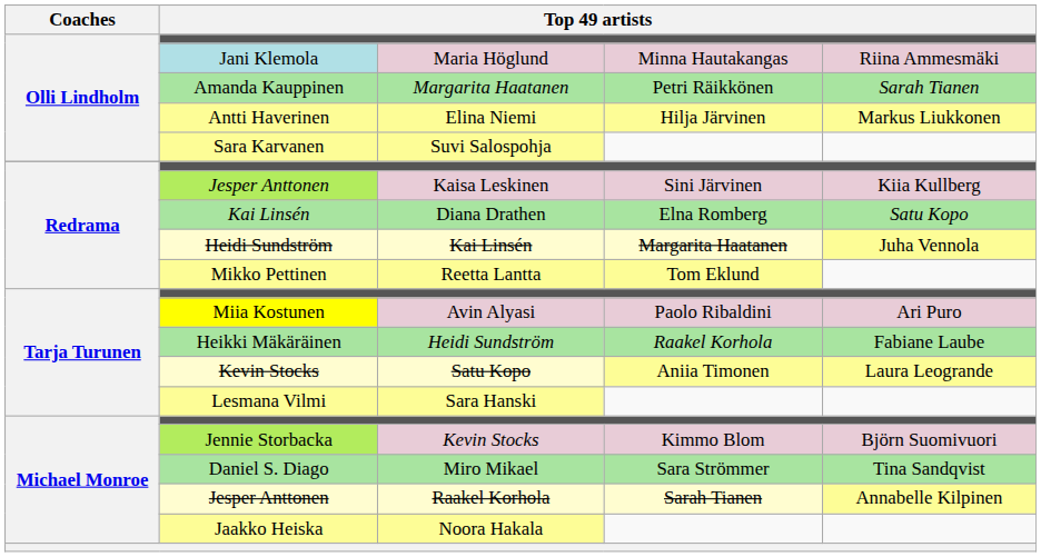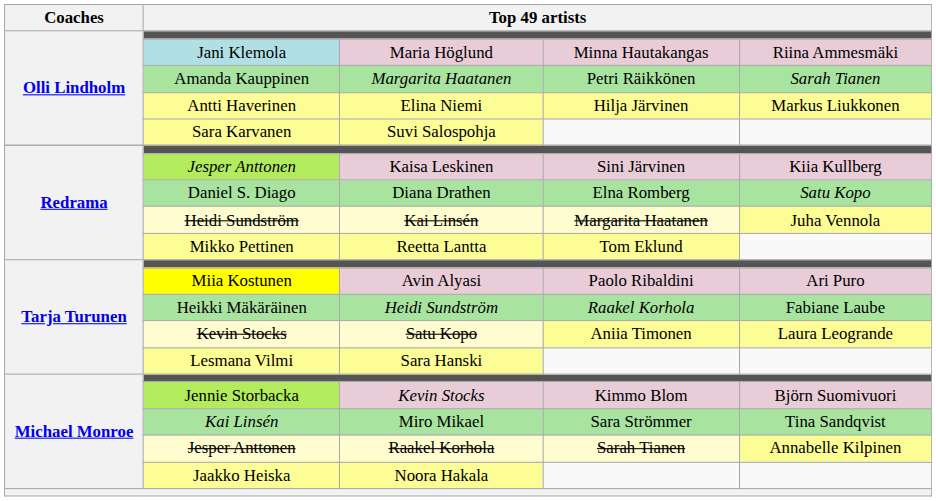 <table class="wikitable" style="text-align:center; width:100%;">
 <tr>
 <th scope="col" style="width:15%;">Coaches</th>
 <th colspan="5" scope="col" style="width:85%;">Top 49 artists</th>
 </tr>
 <tr>
 <th rowspan="5"><a href='#'>Olli Lindholm</a></th>
 <td colspan="4" style="background:#555;"></td>
 </tr>
 <tr>
 <td style="background:#B0E0E6;">Jani Klemola</td>
 <td style="background:#E8CCD7;">Maria Höglund</td>
 <td style="background:#E8CCD7;">Minna Hautakangas</td>
 <td style="background:#E8CCD7;">Riina Ammesmäki</td>
 </tr>
 <tr>
 <td style="background:#A8E4A0;">Amanda Kauppinen</td>
 <td style="background:#A8E4A0;"><em>Margarita Haatanen</em></td>
 <td style="background:#A8E4A0;">Petri Räikkönen</td>
 <td style="background:#A8E4A0;"><em>Sarah Tianen</em></td>
 </tr>
 <tr>
 <td style="background:#FDFD96;">Antti Haverinen</td>
 <td style="background:#FDFD96;">Elina Niemi</td>
 <td style="background:#FDFD96;">Hilja Järvinen</td>
 <td style="background:#FDFD96;">Markus Liukkonen</td>
 </tr>
 <tr>
 <td style="background:#FDFD96;">Sara Karvanen</td>
 <td style="background:#FDFD96;">Suvi Salospohja</td>
 <td></td>
 <td></td>
 </tr>
 <tr>
 </tr>
 <tr>
 <th rowspan="5"><a href='#'>Redrama</a></th>
 <td colspan="4" style="background:#555;"></td>
 </tr>
 <tr>
 <td style="background:#B2EC5D;"><em>Jesper Anttonen</em></td>
 <td style="background:#E8CCD7;">Kaisa Leskinen</td>
 <td style="background:#E8CCD7;">Sini Järvinen</td>
 <td style="background:#E8CCD7;">Kiia Kullberg</td>
 </tr>
 <tr>
-<td style="background:#A8E4A0;"><em>Kai Linsén</em></td>
+<td style="background:#A8E4A0;">Daniel S. Diago</td>
 <td style="background:#A8E4A0;">Diana Drathen</td>
 <td style="background:#A8E4A0;">Elna Romberg</td>
 <td style="background:#A8E4A0;"><em>Satu Kopo</em></td>
 </tr>
 <tr>
 <td style="background:#FFFDD0;"><s>Heidi Sundström</s></td>
 <td style="background:#FFFDD0;"><s>Kai Linsén</s></td>
 <td style="background:#FFFDD0;"><s>Margarita Haatanen</s></td>
 <td style="background:#FDFD96;">Juha Vennola</td>
 </tr>
 <tr>
 <td style="background:#FDFD96;">Mikko Pettinen</td>
 <td style="background:#FDFD96;">Reetta Lantta</td>
 <td style="background:#FDFD96;">Tom Eklund</td>
 </tr>
 <tr>
 <th rowspan="5"><a href='#'>Tarja Turunen</a></th>
 <td colspan="4" style="background:#555;"></td>
 </tr>
 <tr>
 <td style="background:yellow;">Miia Kostunen</td>
 <td style="background:#E8CCD7;">Avin Alyasi</td>
 <td style="background:#E8CCD7;">Paolo Ribaldini</td>
 <td style="background:#E8CCD7;">Ari Puro</td>
 </tr>
 <tr>
 <td style="background:#A8E4A0;">Heikki Mäkäräinen</td>
 <td style="background:#A8E4A0;"><em>Heidi Sundström</em></td>
 <td style="background:#A8E4A0;"><em>Raakel Korhola</em></td>
 <td style="background:#A8E4A0;">Fabiane Laube</td>
 </tr>
 <tr>
 <td style="background:#FFFDD0;"><s>Kevin Stocks</s></td>
 <td style="background:#FFFDD0;"><s>Satu Kopo</s></td>
 <td style="background:#FDFD96;">Aniia Timonen</td>
 <td style="background:#FDFD96;">Laura Leogrande</td>
 </tr>
 <tr>
 <td style="background:#FDFD96;">Lesmana Vilmi</td>
 <td style="background:#FDFD96;">Sara Hanski</td>
 <td></td>
 <td></td>
 </tr>
 <tr>
 <th rowspan="5"><a href='#'>Michael Monroe</a></th>
 <td colspan="5" style="background:#555;"></td>
 </tr>
 <tr>
 <td style="background:#B2EC5D;">Jennie Storbacka</td>
 <td style="background:#E8CCD7;"><em>Kevin Stocks</em></td>
 <td style="background:#E8CCD7;">Kimmo Blom</td>
 <td style="background:#E8CCD7;">Björn Suomivuori</td>
 </tr>
 <tr>
-<td style="background:#A8E4A0;">Daniel S. Diago</td>
+<td style="background:#A8E4A0;"><em>Kai Linsén</em></td>
 <td style="background:#A8E4A0;">Miro Mikael</td>
 <td style="background:#A8E4A0;">Sara Strömmer</td>
 <td style="background:#A8E4A0;">Tina Sandqvist</td>
 </tr>
 <tr>
 <td style="background:#FFFDD0;"><s>Jesper Anttonen</s></td>
 <td style="background:#FFFDD0;"><s>Raakel Korhola</s></td>
 <td style="background:#FFFDD0;"><s>Sarah Tianen</s></td>
 <td style="background:#FDFD96;">Annabelle Kilpinen</td>
 </tr>
 <tr>
 <td style="background:#FDFD96;">Jaakko Heiska</td>
 <td style="background:#FDFD96;">Noora Hakala</td>
 <td></td>
 <td></td>
 </tr>
 <tr>
 <th style="font-size:90%; line-height:12px;" colspan="6"><small></small></th>
 </tr>
 </table>
